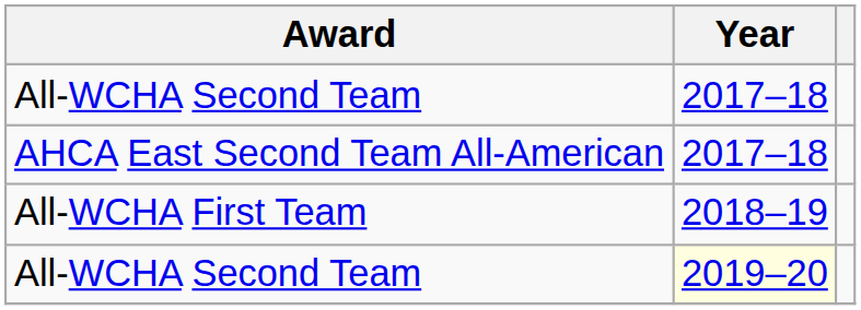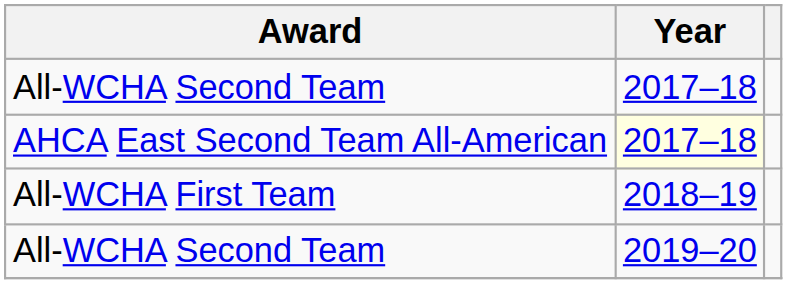 <table class="wikitable">
 <tr>
 <th>Award</th>
 <th>Year</th>
 <th></th>
 </tr>
 <tr>
 <td>All-<a href='#'>WCHA</a> <a href='#'>Second Team</a></td>
 <td><a href='#'>2017–18</a></td>
 <td></td>
 </tr>
 <tr>
 <td><a href='#'>AHCA</a> <a href='#'>East Second Team All-American</a></td>
-<td><a href='#'>2017–18</a></td>
+<td style="background: lightyellow;"><a href='#'>2017–18</a></td>
 <td></td>
 </tr>
 <tr>
 <td>All-<a href='#'>WCHA</a> <a href='#'>First Team</a></td>
 <td><a href='#'>2018–19</a></td>
 <td></td>
 </tr>
 <tr>
 <td>All-<a href='#'>WCHA</a> <a href='#'>Second Team</a></td>
-<td style="background: lightyellow;"><a href='#'>2019–20</a></td>
+<td><a href='#'>2019–20</a></td>
 <td></td>
 </tr>
 <tr>
 </tr>
 </table>
